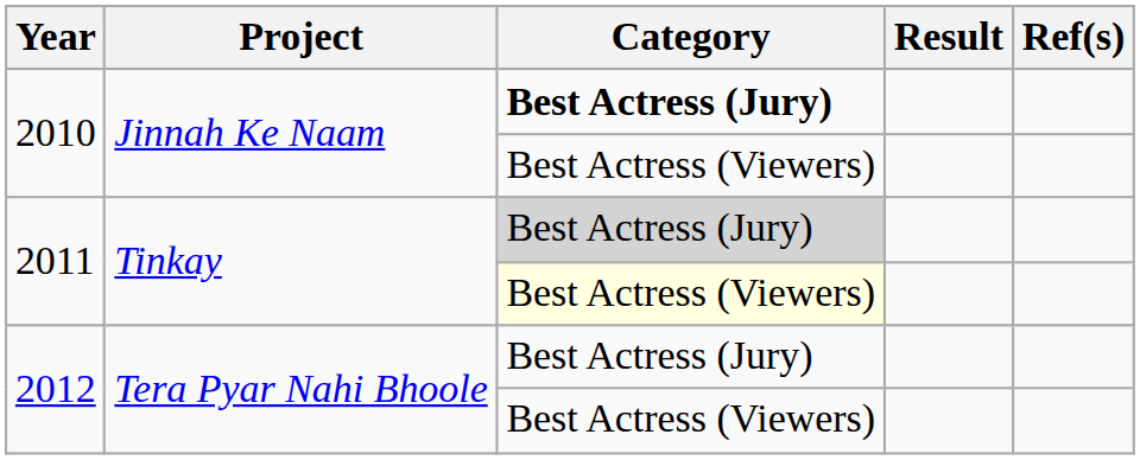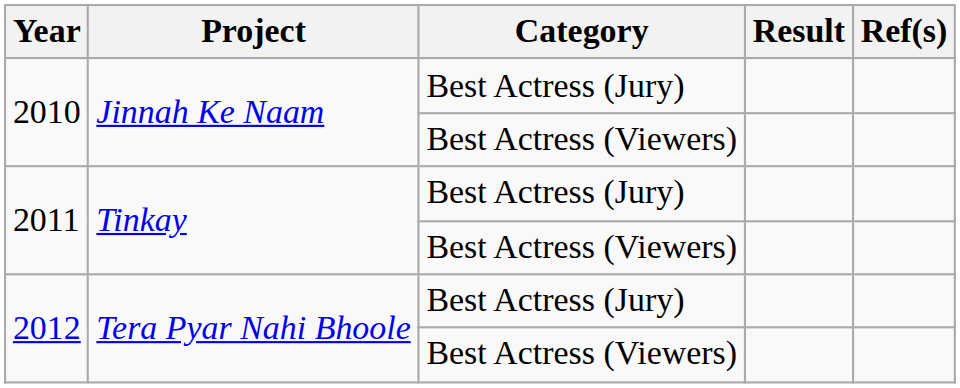 <table class="wikitable style">
 <tr>
 <th>Year</th>
 <th>Project</th>
 <th>Category</th>
 <th>Result</th>
 <th>Ref(s)</th>
 </tr>
 <tr>
 <td rowspan="2">2010</td>
 <td rowspan="2"><em><a href='#'>Jinnah Ke Naam</a></em></td>
-<td><strong>Best Actress (Jury)</strong></td>
+<td>Best Actress (Jury)</td>
 <td></td>
 <td></td>
 </tr>
 <tr>
 <td>Best Actress (Viewers)</td>
 <td></td>
 <td></td>
 </tr>
 <tr>
 <td rowspan="2">2011</td>
 <td rowspan="2"><em><a href='#'>Tinkay</a></em></td>
-<td style="background: lightgrey;">Best Actress (Jury)</td>
+<td>Best Actress (Jury)</td>
 <td></td>
 <td></td>
 </tr>
 <tr>
-<td style="background: lightyellow;">Best Actress (Viewers)</td>
+<td>Best Actress (Viewers)</td>
 <td></td>
 <td></td>
 </tr>
 <tr>
 <td rowspan="2"><a href='#'>2012</a></td>
 <td rowspan="2"><em><a href='#'>Tera Pyar Nahi Bhoole</a></em></td>
 <td>Best Actress (Jury)</td>
 <td></td>
 <td></td>
 </tr>
 <tr>
 <td>Best Actress (Viewers)</td>
 <td></td>
 <td></td>
 </tr>
 </table>
